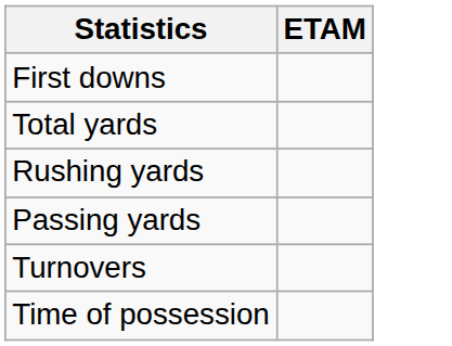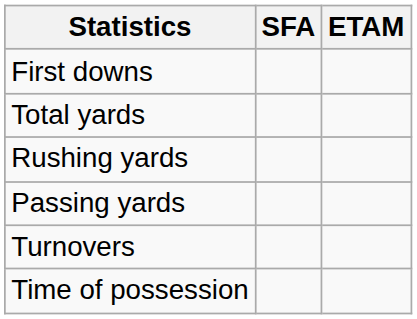 <table class="wikitable" style="float:left">
 <tr>
 <th>Statistics</th>
+<th>SFA</th>
 <th>ETAM</th>
 </tr>
 <tr>
 <td>First downs</td>
 <td></td>
+<td></td>
 </tr>
 <tr>
 <td>Total yards</td>
+<td></td>
 <td></td>
 </tr>
 <tr>
 <td>Rushing yards</td>
 <td></td>
+<td></td>
 </tr>
 <tr>
 <td>Passing yards</td>
+<td></td>
 <td></td>
 </tr>
 <tr>
 <td>Turnovers</td>
 <td></td>
+<td></td>
 </tr>
 <tr>
 <td>Time of possession</td>
 <td></td>
+<td></td>
 </tr>
 </table>
